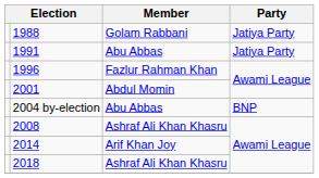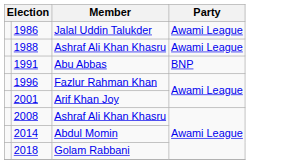 <table class="wikitable">
 <tr>
 <th colspan="2">Election</th>
 <th>Member</th>
 <th>Party</th>
 </tr>
 <tr>
 <td style="background-color:"></td>
+<td><a href='#'>1986</a></td>
+<td><a href='#'>Jalal Uddin Talukder</a></td>
+<td><a href='#'>Awami League</a></td>
+</tr>
+<tr>
+<td style="background-color:"></td>
 <td><a href='#'>1988</a></td>
-<td><a href='#'>Golam Rabbani</a></td>
-<td><a href='#'>Jatiya Party</a></td>
+<td><a href='#'>Ashraf Ali Khan Khasru</a></td>
+<td><a href='#'>Awami League</a></td>
 </tr>
 <tr>
 <td style="background-color:"></td>
 <td><a href='#'>1991</a></td>
 <td><a href='#'>Abu Abbas</a></td>
-<td><a href='#'>Jatiya Party</a></td>
+<td><a href='#'>BNP</a></td>
 </tr>
 <tr>
 <td style="background-color:"></td>
 <td><a href='#'>1996</a></td>
 <td><a href='#'>Fazlur Rahman Khan</a></td>
 <td rowspan="2"><a href='#'>Awami League</a></td>
 </tr>
 <tr>
 <td style="background-color:"></td>
 <td><a href='#'>2001</a></td>
-<td><a href='#'>Abdul Momin</a></td>
-</tr>
-<tr>
-<td style="background-color:"></td>
-<td>2004 by-election</td>
-<td><a href='#'>Abu Abbas</a></td>
-<td><a href='#'>BNP</a></td>
+<td><a href='#'>Arif Khan Joy</a></td>
 </tr>
 <tr>
 <td style="background-color:"></td>
 <td><a href='#'>2008</a></td>
 <td><a href='#'>Ashraf Ali Khan Khasru</a></td>
 <td rowspan="3"><a href='#'>Awami League</a></td>
 </tr>
 <tr>
 <td style="background-color:"></td>
 <td><a href='#'>2014</a></td>
-<td><a href='#'>Arif Khan Joy</a></td>
+<td><a href='#'>Abdul Momin</a></td>
 </tr>
 <tr>
 <td style="background-color:"></td>
 <td><a href='#'>2018</a></td>
-<td><a href='#'>Ashraf Ali Khan Khasru</a></td>
+<td><a href='#'>Golam Rabbani</a></td>
 </tr>
 <tr>
 </tr>
 </table>
